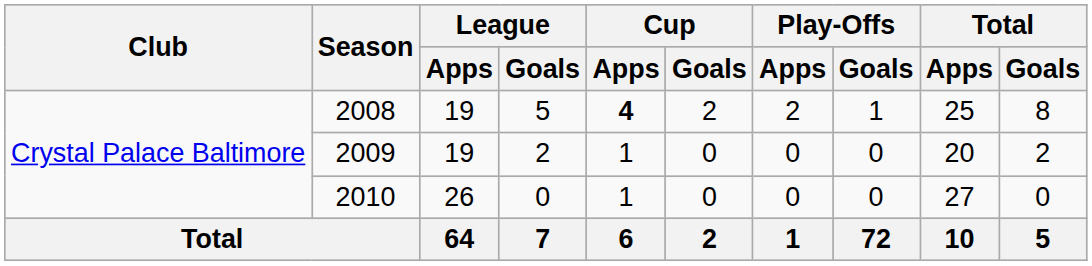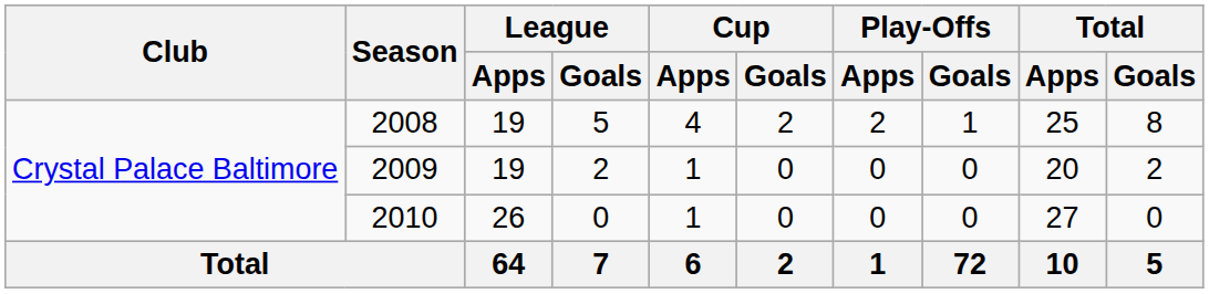 <table class="wikitable" style="text-align:center">
 <tr>
 <th rowspan="2">Club</th>
 <th rowspan="2">Season</th>
 <th colspan="2">League</th>
 <th colspan="2">Cup</th>
 <th colspan="2">Play-Offs</th>
 <th colspan="2">Total</th>
 </tr>
 <tr>
 <th>Apps</th>
 <th>Goals</th>
 <th>Apps</th>
 <th>Goals</th>
 <th>Apps</th>
 <th>Goals</th>
 <th>Apps</th>
 <th>Goals</th>
 </tr>
 <tr>
 <td rowspan="3"><a href='#'>Crystal Palace Baltimore</a></td>
 <td>2008</td>
 <td>19</td>
 <td>5</td>
-<td><strong>4</strong></td>
+<td>4</td>
 <td>2</td>
 <td>2</td>
 <td>1</td>
 <td>25</td>
 <td>8</td>
 </tr>
 <tr>
 <td>2009</td>
 <td>19</td>
 <td>2</td>
 <td>1</td>
 <td>0</td>
 <td>0</td>
 <td>0</td>
 <td>20</td>
 <td>2</td>
 </tr>
 <tr>
 <td>2010</td>
 <td>26</td>
 <td>0</td>
 <td>1</td>
 <td>0</td>
 <td>0</td>
 <td>0</td>
 <td>27</td>
 <td>0</td>
 </tr>
 <tr>
 <th colspan="2">Total</th>
 <th>64</th>
 <th>7</th>
 <th>6</th>
 <th>2</th>
 <th>1</th>
 <th>72</th>
 <th>10</th>
 <th>5</th>
 </tr>
 </table>
